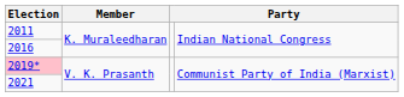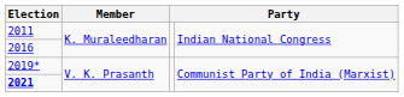 <table class="wikitable sortable">
 <tr>
 <th>Election</th>
 <th>Member</th>
 <th colspan="2">Party</th>
 </tr>
 <tr>
 <td><a href='#'>2011</a></td>
 <td rowspan="2"><a href='#'>K. Muraleedharan</a></td>
 <td rowspan="2" style="background-color: "></td>
 <td rowspan="2"><a href='#'>Indian National Congress</a></td>
 </tr>
 <tr>
 <td><a href='#'>2016</a></td>
 </tr>
 <tr>
-<td style="background: pink;"><a href='#'>2019*</a></td>
+<td><a href='#'>2019*</a></td>
 <td rowspan="2"><a href='#'>V. K. Prasanth</a></td>
 <td rowspan="2" style="background-color: "></td>
 <td rowspan="2"><a href='#'>Communist Party of India (Marxist)</a></td>
 </tr>
 <tr>
-<td><a href='#'>2021</a></td>
+<td><strong><a href='#'>2021</a></strong></td>
 </tr>
 </table>
